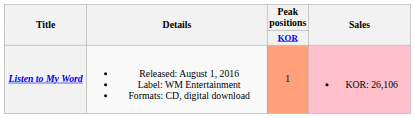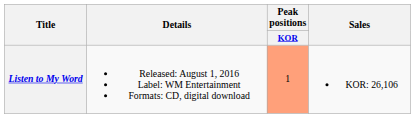 <table class="wikitable plainrowheaders" style="text-align:center;">
 <tr>
 <th scope="col" rowspan="2" style="width:8em;">Title</th>
 <th scope="col" rowspan="2" style="width:18em;">Details</th>
 <th scope="col">Peak positions</th>
 <th scope="col" rowspan="2" style="width:10em;">Sales</th>
 </tr>
 <tr>
 <th scope="col" style="width:3em;font-size:90%;"><a href='#'>KOR</a><br></th>
 </tr>
 <tr>
 <th scope="row"><em><a href='#'>Listen to My Word</a></em></th>
 <td><br><ul><li>Released: August 1, 2016</li><li>Label: WM Entertainment</li><li>Formats: CD, digital download</li></ul></td>
 <td style="background: lightsalmon;">1</td>
-<td style="background: pink;"><br><ul><li>KOR: 26,106</li></ul></td>
+<td><br><ul><li>KOR: 26,106</li></ul></td>
 </tr>
 </table>
